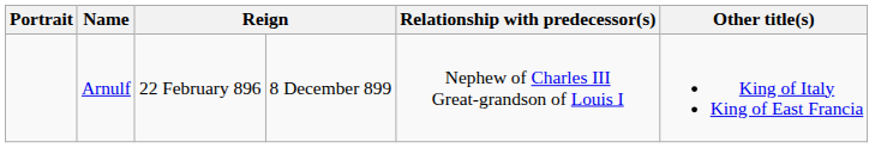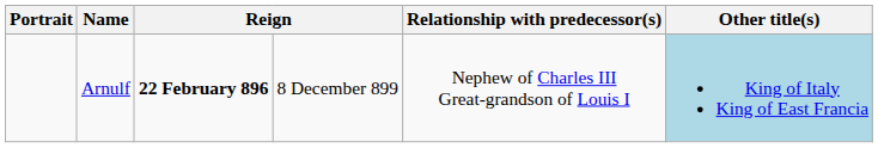 <table class="wikitable" style="text-align:center">
 <tr>
 <th>Portrait</th>
 <th>Name<br></th>
 <th colspan=2>Reign</th>
 <th>Relationship with predecessor(s)</th>
 <th>Other title(s)</th>
 </tr>
 <tr>
 <td></td>
 <td><a href='#'>Arnulf</a><br></td>
-<td>22 February 896</td>
+<td><strong>22 February 896</strong></td>
 <td>8 December 899</td>
 <td>Nephew of <a href='#'>Charles III</a><br>Great-grandson of <a href='#'>Louis I</a></td>
-<td class=small><br><ul><li><a href='#'>King of Italy</a></li><li><a href='#'>King of East Francia</a></li></ul></td>
+<td class=small style="background: lightblue;"><br><ul><li><a href='#'>King of Italy</a></li><li><a href='#'>King of East Francia</a></li></ul></td>
 </tr>
 </table>
